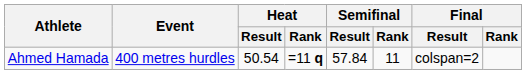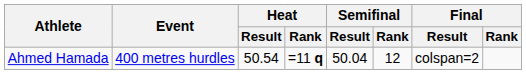 <table class=wikitable style=font-size:90%>
 <tr>
 <th rowspan=2>Athlete</th>
 <th rowspan=2>Event</th>
 <th colspan=2>Heat</th>
 <th colspan=2>Semifinal</th>
 <th colspan=2>Final</th>
 </tr>
 <tr style=font-size:95%>
 <th>Result</th>
 <th>Rank</th>
 <th>Result</th>
 <th>Rank</th>
 <th>Result</th>
 <th>Rank</th>
 </tr>
 <tr align=center>
 <td align=left><a href='#'>Ahmed Hamada</a></td>
 <td align=left><a href='#'>400 metres hurdles</a></td>
 <td>50.54</td>
 <td>=11 <strong>q</strong></td>
-<td>57.84</td>
-<td>11</td>
+<td>50.04</td>
+<td>12</td>
 <td>colspan=2 </td>
 </tr>
 </table>
